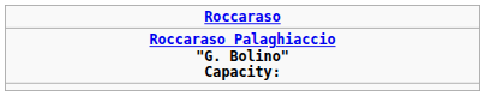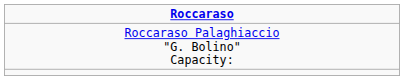 <table class="wikitable" style="text-align:center;" width=440px>
 <tr>
 <td width=220px><strong><a href='#'>Roccaraso</a></strong></td>
 </tr>
 <tr>
-<td><strong><a href='#'>Roccaraso Palaghiaccio</a><br>"G. Bolino"<br>Capacity:</strong></td>
+<td><a href='#'>Roccaraso Palaghiaccio</a><br>"G. Bolino"<br>Capacity:</td>
 </tr>
 <tr>
 <td></td>
 </tr>
 </table>
